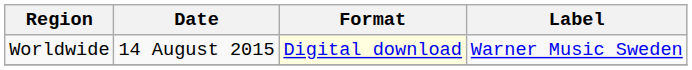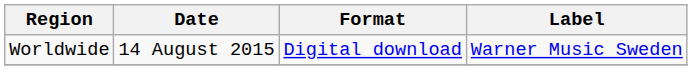 <table class=wikitable>
 <tr>
 <th>Region</th>
 <th>Date</th>
 <th>Format</th>
 <th>Label</th>
 </tr>
 <tr>
 <td>Worldwide</td>
 <td>14 August 2015</td>
-<td style="background: lightyellow;"><a href='#'>Digital download</a></td>
+<td><a href='#'>Digital download</a></td>
 <td><a href='#'>Warner Music Sweden</a></td>
 </tr>
 <tr>
 </tr>
 </table>
